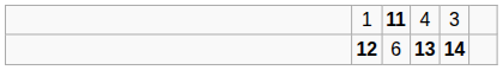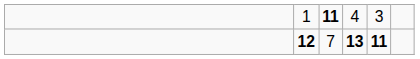 <table class="wikitable">
 <tr>
 <td style="width:18em"></td>
 <td align=center style="width:1em">1</td>
 <td align=center style="width:1em"><strong>11</strong></td>
 <td align=center style="width:1em">4</td>
 <td align=center style="width:1em">3</td>
 <td align=center style="width:1em"></td>
 </tr>
 <tr>
 <td style="width:18em"><strong></strong></td>
 <td align=center style="width:1em"><strong>12</strong></td>
-<td align=center style="width:1em">6</td>
+<td align=center style="width:1em">7</td>
 <td align=center style="width:1em"><strong>13</strong></td>
-<td align=center style="width:1em"><strong>14</strong></td>
+<td align=center style="width:1em"><strong>11</strong></td>
 <td align=center style="width:1em"></td>
 </tr>
 </table>
